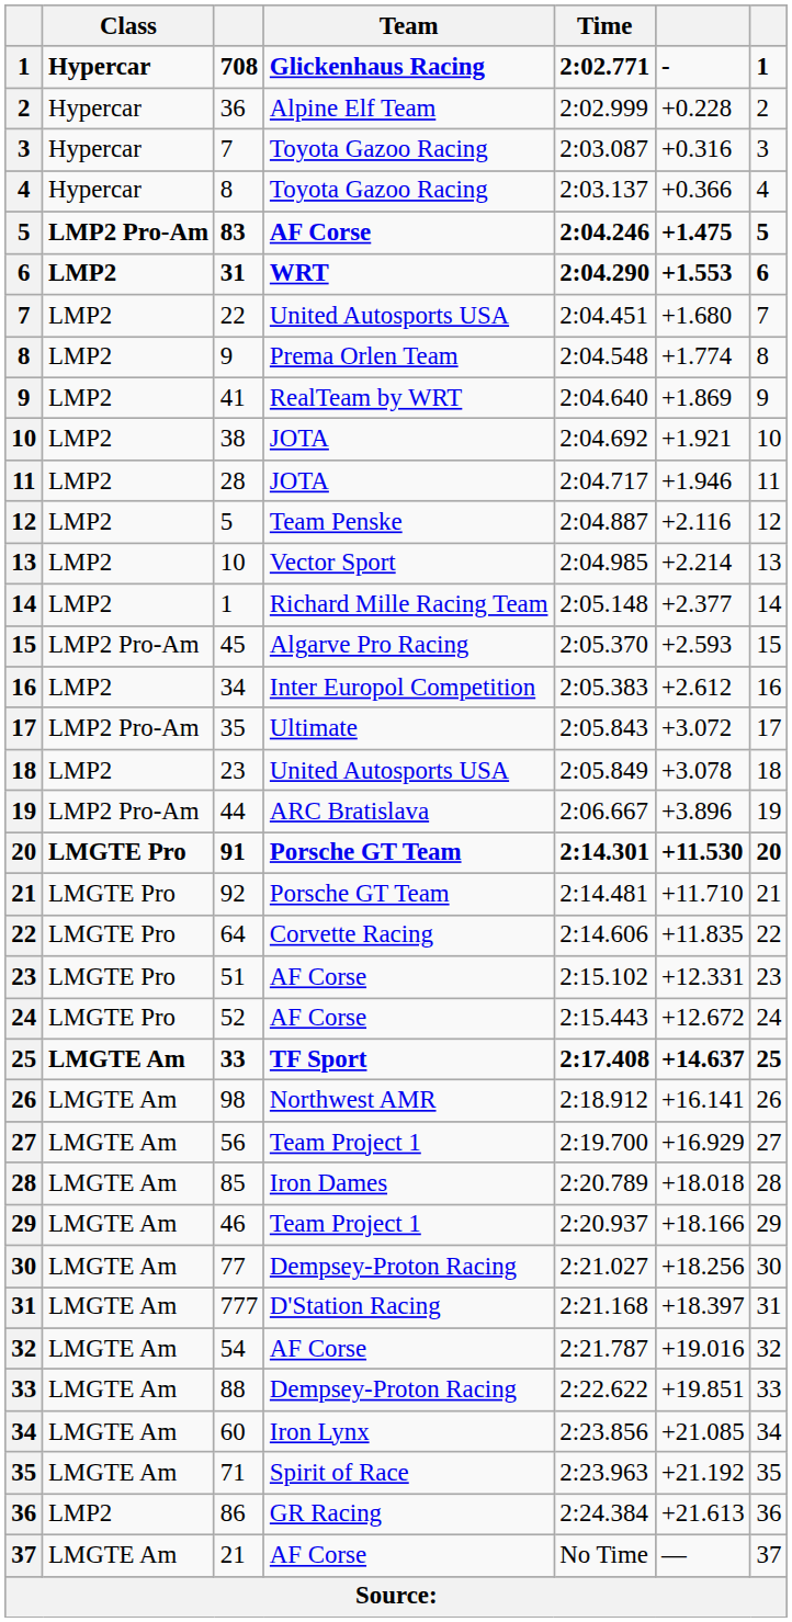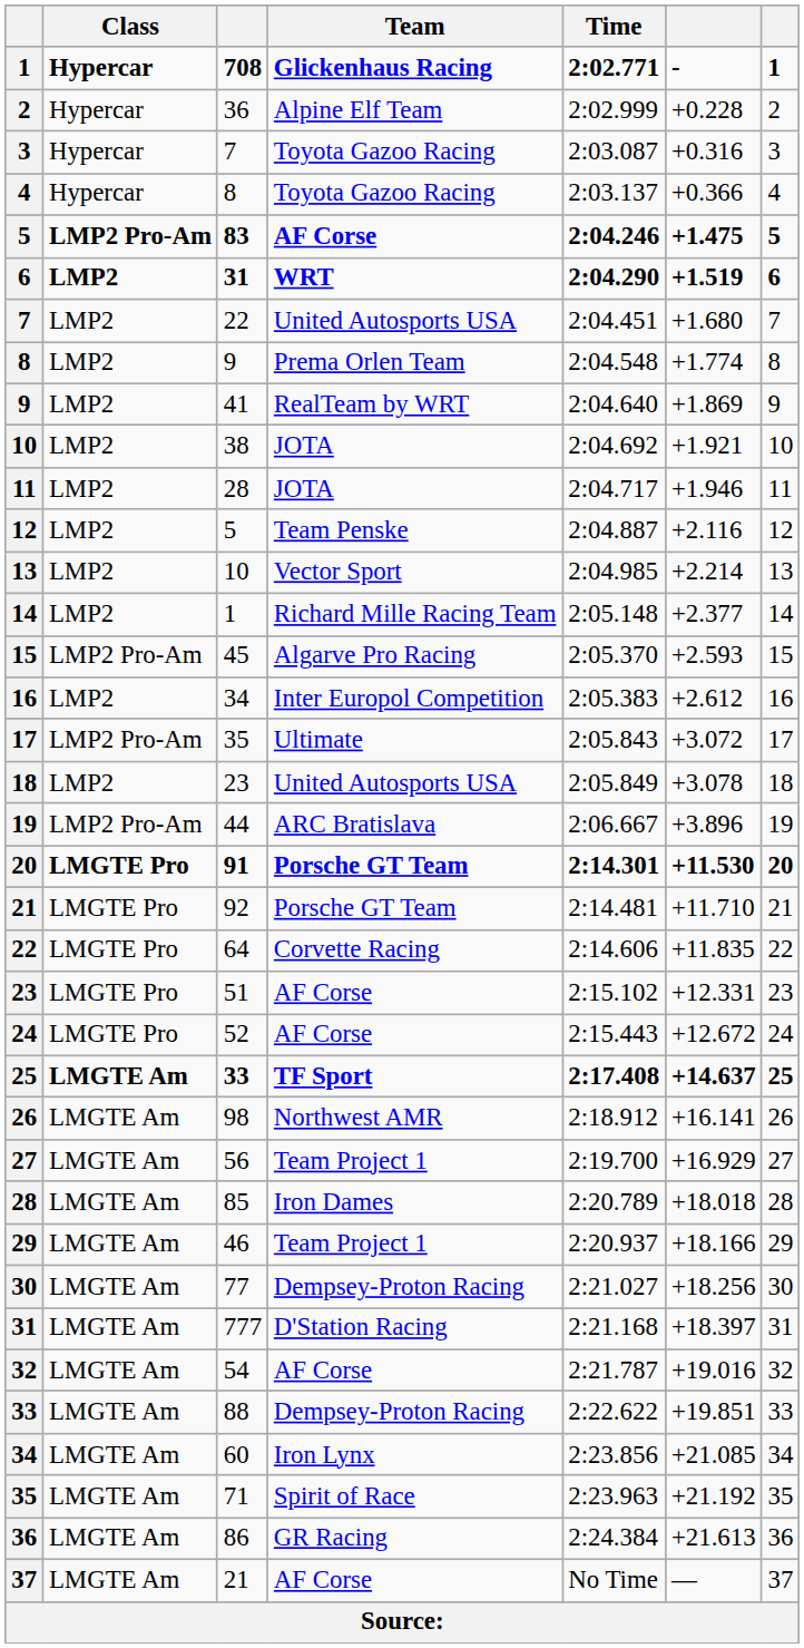 <table class="wikitable" style="font-size:85%;">
 <tr>
 <th></th>
 <th>Class</th>
 <th></th>
 <th>Team</th>
 <th>Time</th>
 <th></th>
 <th></th>
 </tr>
 <tr style="font-weight:bold">
 <th>1</th>
 <td>Hypercar</td>
 <td>708</td>
 <td> <a href='#'>Glickenhaus Racing</a></td>
 <td>2:02.771</td>
 <td>-</td>
 <td>1</td>
 </tr>
 <tr>
 <th>2</th>
 <td>Hypercar</td>
 <td>36</td>
 <td> <a href='#'>Alpine Elf Team</a></td>
 <td>2:02.999</td>
 <td>+0.228</td>
 <td>2</td>
 </tr>
 <tr>
 <th>3</th>
 <td>Hypercar</td>
 <td>7</td>
 <td> <a href='#'>Toyota Gazoo Racing</a></td>
 <td>2:03.087</td>
 <td>+0.316</td>
 <td>3</td>
 </tr>
 <tr>
 <th>4</th>
 <td>Hypercar</td>
 <td>8</td>
 <td> <a href='#'>Toyota Gazoo Racing</a></td>
 <td>2:03.137</td>
 <td>+0.366</td>
 <td>4</td>
 </tr>
 <tr style="font-weight:bold">
 <th>5</th>
 <td>LMP2 Pro-Am</td>
 <td>83</td>
 <td> <a href='#'>AF Corse</a></td>
 <td>2:04.246</td>
 <td>+1.475</td>
 <td>5</td>
 </tr>
 <tr style="font-weight:bold">
 <th>6</th>
 <td>LMP2</td>
 <td>31</td>
 <td> <a href='#'>WRT</a></td>
 <td>2:04.290</td>
-<td>+1.553</td>
+<td>+1.519</td>
 <td>6</td>
 </tr>
 <tr>
 <th>7</th>
 <td>LMP2</td>
 <td>22</td>
 <td> <a href='#'>United Autosports USA</a></td>
 <td>2:04.451</td>
 <td>+1.680</td>
 <td>7</td>
 </tr>
 <tr>
 <th>8</th>
 <td>LMP2</td>
 <td>9</td>
 <td> <a href='#'>Prema Orlen Team</a></td>
 <td>2:04.548</td>
 <td>+1.774</td>
 <td>8</td>
 </tr>
 <tr>
 <th>9</th>
 <td>LMP2</td>
 <td>41</td>
 <td> <a href='#'>RealTeam by WRT</a></td>
 <td>2:04.640</td>
 <td>+1.869</td>
 <td>9</td>
 </tr>
 <tr>
 <th>10</th>
 <td>LMP2</td>
 <td>38</td>
 <td> <a href='#'>JOTA</a></td>
 <td>2:04.692</td>
 <td>+1.921</td>
 <td>10</td>
 </tr>
 <tr>
 <th>11</th>
 <td>LMP2</td>
 <td>28</td>
 <td> <a href='#'>JOTA</a></td>
 <td>2:04.717</td>
 <td>+1.946</td>
 <td>11</td>
 </tr>
 <tr>
 <th>12</th>
 <td>LMP2</td>
 <td>5</td>
 <td> <a href='#'>Team Penske</a></td>
 <td>2:04.887</td>
 <td>+2.116</td>
 <td>12</td>
 </tr>
 <tr>
 <th>13</th>
 <td>LMP2</td>
 <td>10</td>
 <td> <a href='#'>Vector Sport</a></td>
 <td>2:04.985</td>
 <td>+2.214</td>
 <td>13</td>
 </tr>
 <tr>
 <th>14</th>
 <td>LMP2</td>
 <td>1</td>
 <td> <a href='#'>Richard Mille Racing Team</a></td>
 <td>2:05.148</td>
 <td>+2.377</td>
 <td>14</td>
 </tr>
 <tr>
 <th>15</th>
 <td>LMP2 Pro-Am</td>
 <td>45</td>
 <td> <a href='#'>Algarve Pro Racing</a></td>
 <td>2:05.370</td>
 <td>+2.593</td>
 <td>15</td>
 </tr>
 <tr>
 <th>16</th>
 <td>LMP2</td>
 <td>34</td>
 <td> <a href='#'>Inter Europol Competition</a></td>
 <td>2:05.383</td>
 <td>+2.612</td>
 <td>16</td>
 </tr>
 <tr>
 <th>17</th>
 <td>LMP2 Pro-Am</td>
 <td>35</td>
 <td> <a href='#'>Ultimate</a></td>
 <td>2:05.843</td>
 <td>+3.072</td>
 <td>17</td>
 </tr>
 <tr>
 <th>18</th>
 <td>LMP2</td>
 <td>23</td>
 <td> <a href='#'>United Autosports USA</a></td>
 <td>2:05.849</td>
 <td>+3.078</td>
 <td>18</td>
 </tr>
 <tr>
 <th>19</th>
 <td>LMP2 Pro-Am</td>
 <td>44</td>
 <td> <a href='#'>ARC Bratislava</a></td>
 <td>2:06.667</td>
 <td>+3.896</td>
 <td>19</td>
 </tr>
 <tr style="font-weight:bold">
 <th>20</th>
 <td>LMGTE Pro</td>
 <td>91</td>
 <td> <a href='#'>Porsche GT Team</a></td>
 <td>2:14.301</td>
 <td>+11.530</td>
 <td>20</td>
 </tr>
 <tr>
 <th>21</th>
 <td>LMGTE Pro</td>
 <td>92</td>
 <td> <a href='#'>Porsche GT Team</a></td>
 <td>2:14.481</td>
 <td>+11.710</td>
 <td>21</td>
 </tr>
 <tr>
 <th>22</th>
 <td>LMGTE Pro</td>
 <td>64</td>
 <td> <a href='#'>Corvette Racing</a></td>
 <td>2:14.606</td>
 <td>+11.835</td>
 <td>22</td>
 </tr>
 <tr>
 <th>23</th>
 <td>LMGTE Pro</td>
 <td>51</td>
 <td> <a href='#'>AF Corse</a></td>
 <td>2:15.102</td>
 <td>+12.331</td>
 <td>23</td>
 </tr>
 <tr>
 <th>24</th>
 <td>LMGTE Pro</td>
 <td>52</td>
 <td> <a href='#'>AF Corse</a></td>
 <td>2:15.443</td>
 <td>+12.672</td>
 <td>24</td>
 </tr>
 <tr style="font-weight:bold">
 <th>25</th>
 <td>LMGTE Am</td>
 <td>33</td>
 <td> <a href='#'>TF Sport</a></td>
 <td>2:17.408</td>
 <td>+14.637</td>
 <td>25</td>
 </tr>
 <tr>
 <th>26</th>
 <td>LMGTE Am</td>
 <td>98</td>
 <td> <a href='#'>Northwest AMR</a></td>
 <td>2:18.912</td>
 <td>+16.141</td>
 <td>26</td>
 </tr>
 <tr>
 <th>27</th>
 <td>LMGTE Am</td>
 <td>56</td>
 <td> <a href='#'>Team Project 1</a></td>
 <td>2:19.700</td>
 <td>+16.929</td>
 <td>27</td>
 </tr>
 <tr>
 <th>28</th>
 <td>LMGTE Am</td>
 <td>85</td>
 <td> <a href='#'>Iron Dames</a></td>
 <td>2:20.789</td>
 <td>+18.018</td>
 <td>28</td>
 </tr>
 <tr>
 <th>29</th>
 <td>LMGTE Am</td>
 <td>46</td>
 <td> <a href='#'>Team Project 1</a></td>
 <td>2:20.937</td>
 <td>+18.166</td>
 <td>29</td>
 </tr>
 <tr>
 <th>30</th>
 <td>LMGTE Am</td>
 <td>77</td>
 <td> <a href='#'>Dempsey-Proton Racing</a></td>
 <td>2:21.027</td>
 <td>+18.256</td>
 <td>30</td>
 </tr>
 <tr>
 <th>31</th>
 <td>LMGTE Am</td>
 <td>777</td>
 <td> <a href='#'>D'Station Racing</a></td>
 <td>2:21.168</td>
 <td>+18.397</td>
 <td>31</td>
 </tr>
 <tr>
 <th>32</th>
 <td>LMGTE Am</td>
 <td>54</td>
 <td> <a href='#'>AF Corse</a></td>
 <td>2:21.787</td>
 <td>+19.016</td>
 <td>32</td>
 </tr>
 <tr>
 <th>33</th>
 <td>LMGTE Am</td>
 <td>88</td>
 <td> <a href='#'>Dempsey-Proton Racing</a></td>
 <td>2:22.622</td>
 <td>+19.851</td>
 <td>33</td>
 </tr>
 <tr>
 <th>34</th>
 <td>LMGTE Am</td>
 <td>60</td>
 <td> <a href='#'>Iron Lynx</a></td>
 <td>2:23.856</td>
 <td>+21.085</td>
 <td>34</td>
 </tr>
 <tr>
 <th>35</th>
 <td>LMGTE Am</td>
 <td>71</td>
 <td> <a href='#'>Spirit of Race</a></td>
 <td>2:23.963</td>
 <td>+21.192</td>
 <td>35</td>
 </tr>
 <tr>
 <th>36</th>
-<td>LMP2</td>
+<td>LMGTE Am</td>
 <td>86</td>
 <td> <a href='#'>GR Racing</a></td>
 <td>2:24.384</td>
 <td>+21.613</td>
 <td>36</td>
 </tr>
 <tr>
 <th>37</th>
 <td>LMGTE Am</td>
 <td>21</td>
 <td> <a href='#'>AF Corse</a></td>
 <td>No Time</td>
 <td>—</td>
 <td>37</td>
 </tr>
 <tr>
 <th colspan="7">Source:</th>
 </tr>
 </table>
